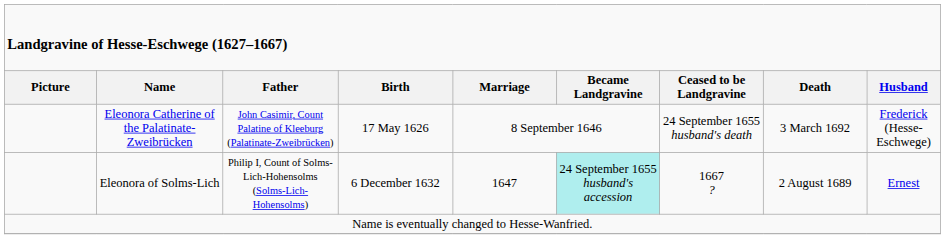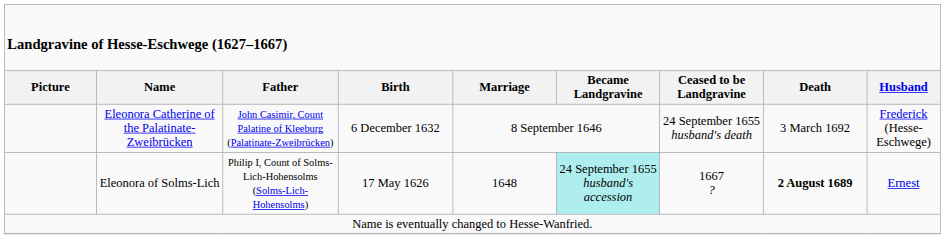 <table width=95% class="wikitable">
 <tr>
 <td colspan="9"><br><h3>Landgravine of Hesse-Eschwege (1627–1667)</h3></td>
 </tr>
 <tr>
 <th width = "8%">Picture</th>
 <th width = "11%">Name</th>
 <th width = "10%">Father</th>
 <th width = "10%">Birth</th>
 <th width = "9%">Marriage</th>
 <th width = "9%">Became Landgravine</th>
 <th width = "9%">Ceased to be Landgravine</th>
 <th width = "9%">Death</th>
 <th width = "6%"><a href='#'>Husband</a></th>
 </tr>
 <tr>
 <td align="center"></td>
 <td align="center"><a href='#'>Eleonora Catherine of the Palatinate-Zweibrücken</a></td>
 <td align="center"><small><a href='#'>John Casimir, Count Palatine of Kleeburg</a><br>(<a href='#'>Palatinate-Zweibrücken</a>)</small></td>
-<td align="center">17 May 1626</td>
+<td align="center">6 December 1632</td>
 <td align="center" colspan="2">8 September 1646</td>
 <td align="center">24 September 1655<br><em>husband's death</em></td>
 <td align="center">3 March 1692</td>
 <td align="center"><a href='#'>Frederick</a> (Hesse-Eschwege)</td>
 </tr>
 <tr>
 <td align="center"></td>
 <td align="center">Eleonora of Solms-Lich</td>
 <td align="center"><small>Philip I, Count of Solms-Lich-Hohensolms<br>(<a href='#'>Solms-Lich-Hohensolms</a>)</small></td>
-<td align="center">6 December 1632</td>
-<td align="center">1647</td>
+<td align="center">17 May 1626</td>
+<td align="center">1648</td>
 <td align="center" style="background: paleturquoise;">24 September 1655<br><em>husband's accession</em></td>
 <td align="center">1667<br><em>?</em></td>
-<td align="center">2 August 1689</td>
+<td align="center"><strong>2 August 1689</strong></td>
 <td align="center"><a href='#'>Ernest</a></td>
 </tr>
 <tr>
 <td align="center" colspan="9">Name is eventually changed to Hesse-Wanfried.</td>
 </tr>
 <tr>
 </tr>
 </table>
